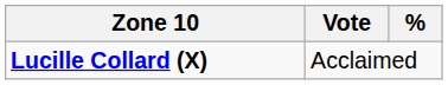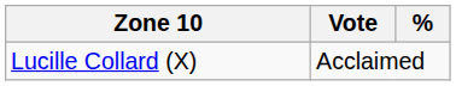 <table class="wikitable">
 <tr>
 <th bgcolor="#DDDDFF" width="200px">Zone 10</th>
 <th bgcolor="#DDDDFF" width="50px">Vote</th>
 <th bgcolor="#DDDDFF" width="30px">%</th>
 </tr>
 <tr>
-<td><strong><a href='#'>Lucille Collard</a> (X)</strong></td>
+<td><a href='#'>Lucille Collard</a> (X)</td>
 <td colspan="2">Acclaimed</td>
 </tr>
 </table>
